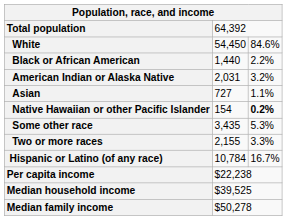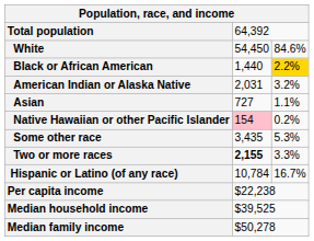 <table class="wikitable collapsible collapsed">
 <tr>
 <th colspan="6">Population, race, and income</th>
 </tr>
 <tr>
 <th scope="row" style="text-align: left;">Total population</th>
 <td colspan="2">64,392</td>
 </tr>
 <tr>
 <th scope="row" style="text-align: left;">  White</th>
 <td>54,450</td>
 <td>84.6%</td>
 </tr>
 <tr>
 <th scope="row" style="text-align: left;">  Black or African American</th>
 <td>1,440</td>
-<td>2.2%</td>
+<td style="background: gold;">2.2%</td>
 </tr>
 <tr>
 <th scope="row" style="text-align: left;">  American Indian or Alaska Native</th>
 <td>2,031</td>
 <td>3.2%</td>
 </tr>
 <tr>
 <th scope="row" style="text-align: left;">  Asian</th>
 <td>727</td>
 <td>1.1%</td>
 </tr>
 <tr>
 <th scope="row" style="text-align: left;">  Native Hawaiian or other Pacific Islander</th>
-<td>154</td>
-<td><strong>0.2%</strong></td>
+<td style="background: pink;">154</td>
+<td>0.2%</td>
 </tr>
 <tr>
 <th scope="row" style="text-align: left;">  Some other race</th>
 <td>3,435</td>
 <td>5.3%</td>
 </tr>
 <tr>
 <th scope="row" style="text-align: left;">  Two or more races</th>
-<td>2,155</td>
+<td><strong>2,155</strong></td>
 <td>3.3%</td>
 </tr>
 <tr>
 <th scope="row" style="text-align: left;"> Hispanic or Latino (of any race)</th>
 <td>10,784</td>
 <td>16.7%</td>
 </tr>
 <tr>
 <th scope="row" style="text-align: left;">Per capita income</th>
 <td colspan="2">$22,238</td>
 </tr>
 <tr>
 <th scope="row" style="text-align: left;">Median household income</th>
 <td colspan="2">$39,525</td>
 </tr>
 <tr>
 <th scope="row" style="text-align: left;">Median family income</th>
 <td colspan="2">$50,278</td>
 </tr>
 </table>
